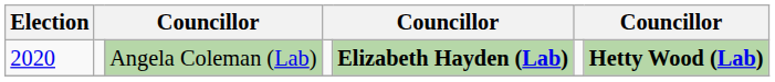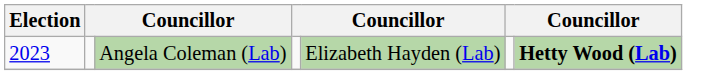 <table class="wikitable">
 <tr>
 <th>Election</th>
 <th colspan="2">Councillor</th>
 <th colspan="2">Councillor</th>
 <th colspan="2">Councillor</th>
 </tr>
 <tr>
-<td><a href='#'>2020</a></td>
+<td><a href='#'>2023</a></td>
 <td style="background-color: "></td>
 <td bgcolor="#B6D7A8">Angela Coleman (<a href='#'>Lab</a>)</td>
 <td style="background-color: "></td>
-<td bgcolor="#B6D7A8"><strong>Elizabeth Hayden (<a href='#'>Lab</a>)</strong></td>
+<td bgcolor="#B6D7A8">Elizabeth Hayden (<a href='#'>Lab</a>)</td>
 <td style="background-color: "></td>
 <td bgcolor="#B6D7A8"><strong>Hetty Wood (<a href='#'>Lab</a>)</strong></td>
 </tr>
 <tr>
 </tr>
 </table>
